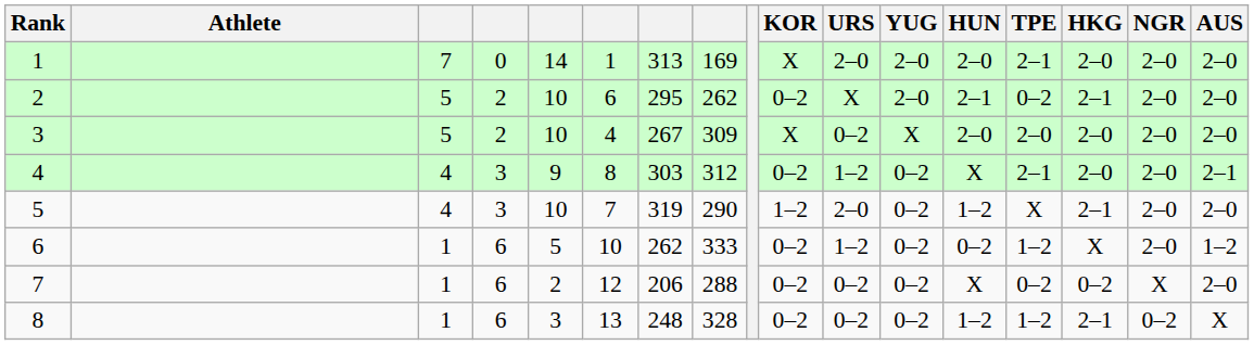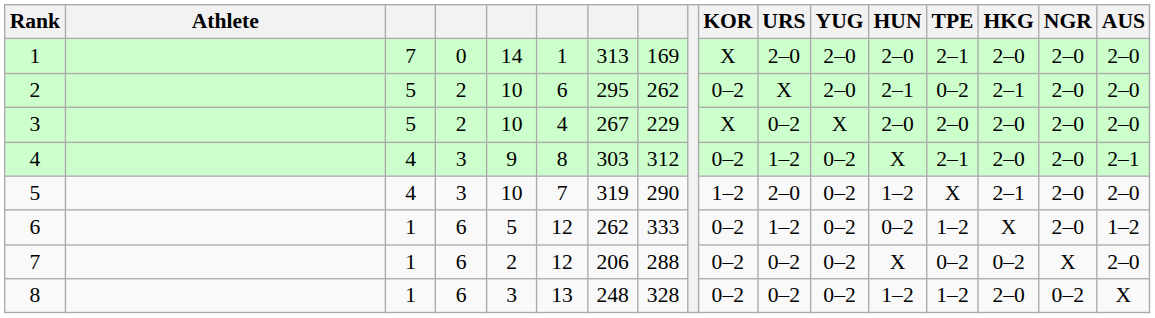 <table class="wikitable" style="text-align:center">
 <tr>
 <th>Rank</th>
 <th width=230>Athlete</th>
 <th width=30></th>
 <th width=30></th>
 <th width=30></th>
 <th width=30></th>
 <th width=30></th>
 <th width=30></th>
 <th rowspan=9></th>
 <th width=30>KOR</th>
 <th width=30>URS</th>
 <th width=30>YUG</th>
 <th width=30>HUN</th>
 <th width=30>TPE</th>
 <th width=30>HKG</th>
 <th width=30>NGR</th>
 <th width=30>AUS</th>
 </tr>
 <tr style="background-color:#ccffcc;">
 <td>1</td>
 <td align=left></td>
 <td>7</td>
 <td>0</td>
 <td>14</td>
 <td>1</td>
 <td>313</td>
 <td>169</td>
 <td>X</td>
 <td>2–0</td>
 <td>2–0</td>
 <td>2–0</td>
 <td>2–1</td>
 <td>2–0</td>
 <td>2–0</td>
 <td>2–0</td>
 </tr>
 <tr style="background-color:#ccffcc;">
 <td>2</td>
 <td align=left></td>
 <td>5</td>
 <td>2</td>
 <td>10</td>
 <td>6</td>
 <td>295</td>
 <td>262</td>
 <td>0–2</td>
 <td>X</td>
 <td>2–0</td>
 <td>2–1</td>
 <td>0–2</td>
 <td>2–1</td>
 <td>2–0</td>
 <td>2–0</td>
 </tr>
 <tr style="background-color:#ccffcc;">
 <td>3</td>
 <td align=left></td>
 <td>5</td>
 <td>2</td>
 <td>10</td>
 <td>4</td>
 <td>267</td>
-<td>309</td>
+<td>229</td>
 <td>X</td>
 <td>0–2</td>
 <td>X</td>
 <td>2–0</td>
 <td>2–0</td>
 <td>2–0</td>
 <td>2–0</td>
 <td>2–0</td>
 </tr>
 <tr style="background-color:#ccffcc;">
 <td>4</td>
 <td align=left></td>
 <td>4</td>
 <td>3</td>
 <td>9</td>
 <td>8</td>
 <td>303</td>
 <td>312</td>
 <td>0–2</td>
 <td>1–2</td>
 <td>0–2</td>
 <td>X</td>
 <td>2–1</td>
 <td>2–0</td>
 <td>2–0</td>
 <td>2–1</td>
 </tr>
 <tr>
 <td>5</td>
 <td align=left></td>
 <td>4</td>
 <td>3</td>
 <td>10</td>
 <td>7</td>
 <td>319</td>
 <td>290</td>
 <td>1–2</td>
 <td>2–0</td>
 <td>0–2</td>
 <td>1–2</td>
 <td>X</td>
 <td>2–1</td>
 <td>2–0</td>
 <td>2–0</td>
 </tr>
 <tr>
 <td>6</td>
 <td align=left></td>
 <td>1</td>
 <td>6</td>
 <td>5</td>
-<td>10</td>
+<td>12</td>
 <td>262</td>
 <td>333</td>
 <td>0–2</td>
 <td>1–2</td>
 <td>0–2</td>
 <td>0–2</td>
 <td>1–2</td>
 <td>X</td>
 <td>2–0</td>
 <td>1–2</td>
 </tr>
 <tr>
 <td>7</td>
 <td align=left></td>
 <td>1</td>
 <td>6</td>
 <td>2</td>
 <td>12</td>
 <td>206</td>
 <td>288</td>
 <td>0–2</td>
 <td>0–2</td>
 <td>0–2</td>
 <td>X</td>
 <td>0–2</td>
 <td>0–2</td>
 <td>X</td>
 <td>2–0</td>
 </tr>
 <tr>
 <td>8</td>
 <td align=left></td>
 <td>1</td>
 <td>6</td>
 <td>3</td>
 <td>13</td>
 <td>248</td>
 <td>328</td>
 <td>0–2</td>
 <td>0–2</td>
 <td>0–2</td>
 <td>1–2</td>
 <td>1–2</td>
-<td>2–1</td>
+<td>2–0</td>
 <td>0–2</td>
 <td>X</td>
 </tr>
 </table>
